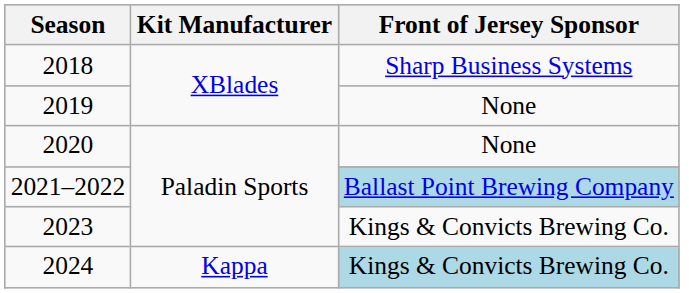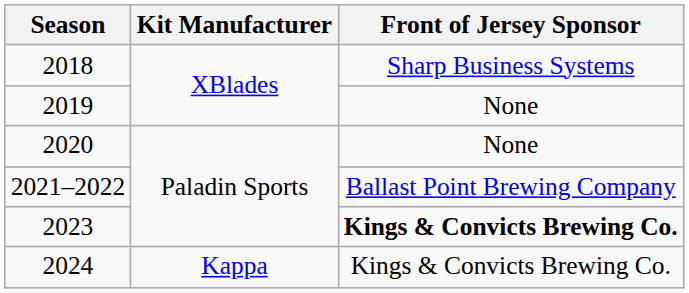 <table class="wikitable" style="text-align: center">
 <tr>
 <th>Season</th>
 <th>Kit Manufacturer</th>
 <th>Front of Jersey Sponsor</th>
 </tr>
 <tr>
 <td>2018</td>
 <td rowspan="2"><a href='#'>XBlades</a></td>
 <td><a href='#'>Sharp Business Systems</a></td>
 </tr>
 <tr>
 <td>2019</td>
 <td>None</td>
 </tr>
 <tr>
 <td>2020</td>
 <td rowspan="3">Paladin Sports</td>
 <td>None</td>
 </tr>
 <tr>
 <td>2021–2022</td>
-<td style="background: lightblue;"><a href='#'>Ballast Point Brewing Company</a></td>
+<td><a href='#'>Ballast Point Brewing Company</a></td>
 </tr>
 <tr>
 <td>2023</td>
-<td>Kings & Convicts Brewing Co.</td>
+<td><strong>Kings & Convicts Brewing Co.</strong></td>
 </tr>
 <tr>
 <td>2024</td>
 <td rowspan="4"><a href='#'>Kappa</a></td>
-<td style="background: lightblue;">Kings & Convicts Brewing Co.</td>
+<td>Kings & Convicts Brewing Co.</td>
 </tr>
 </table>
